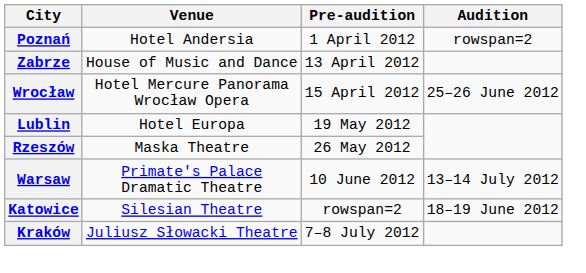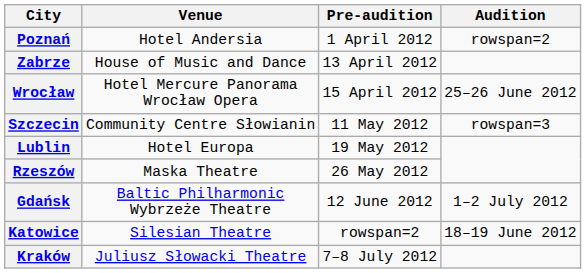 <table class="wikitable" style="font-size:85%; text-align:center">
 <tr>
 <th>City</th>
 <th>Venue</th>
 <th>Pre-audition</th>
 <th>Audition</th>
 </tr>
 <tr>
 <th><a href='#'>Poznań</a></th>
 <td>Hotel Andersia</td>
 <td>1 April 2012</td>
 <td>rowspan=2 </td>
 </tr>
 <tr>
 <th><a href='#'>Zabrze</a></th>
 <td>House of Music and Dance</td>
 <td>13 April 2012</td>
 </tr>
 <tr>
 <th><a href='#'>Wrocław</a></th>
 <td>Hotel Mercure Panorama <br>Wrocław Opera </td>
 <td>15 April 2012</td>
 <td>25–26 June 2012</td>
 </tr>
 <tr>
+<th><a href='#'>Szczecin</a></th>
+<td>Community Centre Słowianin</td>
+<td>11 May 2012</td>
+<td>rowspan=3 </td>
+</tr>
+<tr>
 <th><a href='#'>Lublin</a></th>
 <td>Hotel Europa</td>
 <td>19 May 2012</td>
 </tr>
 <tr>
 <th><a href='#'>Rzeszów</a></th>
 <td>Maska Theatre</td>
 <td>26 May 2012</td>
 </tr>
 <tr>
-<th><a href='#'>Warsaw</a></th>
-<td><a href='#'>Primate's Palace</a> <br>Dramatic Theatre </td>
-<td>10 June 2012</td>
-<td>13–14 July 2012</td>
+<th><a href='#'>Gdańsk</a></th>
+<td><a href='#'>Baltic Philharmonic</a> <br>Wybrzeże Theatre </td>
+<td>12 June 2012</td>
+<td>1–2 July 2012</td>
 </tr>
 <tr>
 <th><a href='#'>Katowice</a></th>
 <td><a href='#'>Silesian Theatre</a></td>
 <td>rowspan=2 </td>
 <td>18–19 June 2012</td>
 </tr>
 <tr>
 <th><a href='#'>Kraków</a></th>
 <td><a href='#'>Juliusz Słowacki Theatre</a></td>
 <td>7–8 July 2012</td>
 </tr>
 </table>
